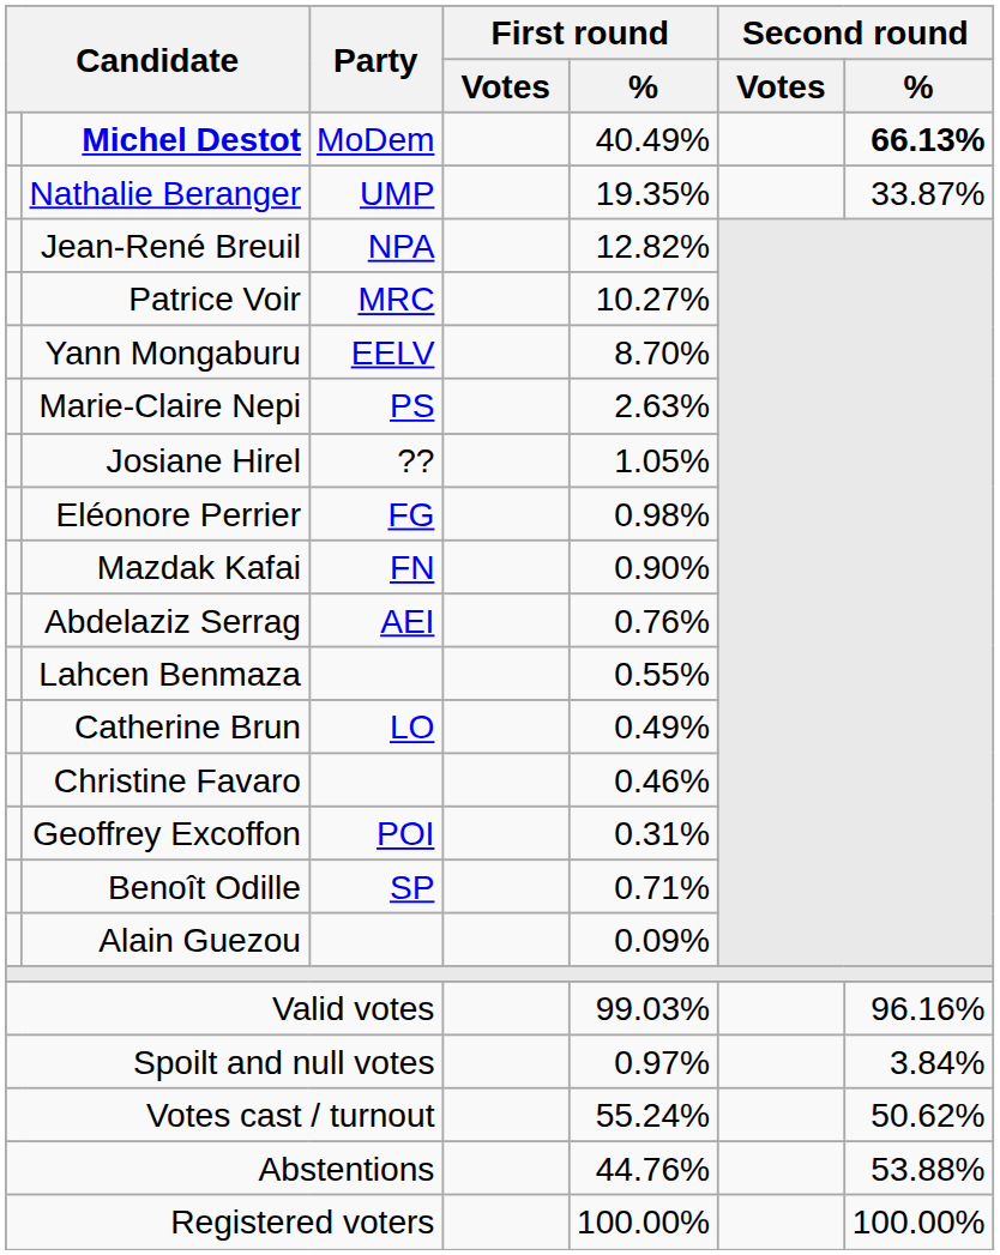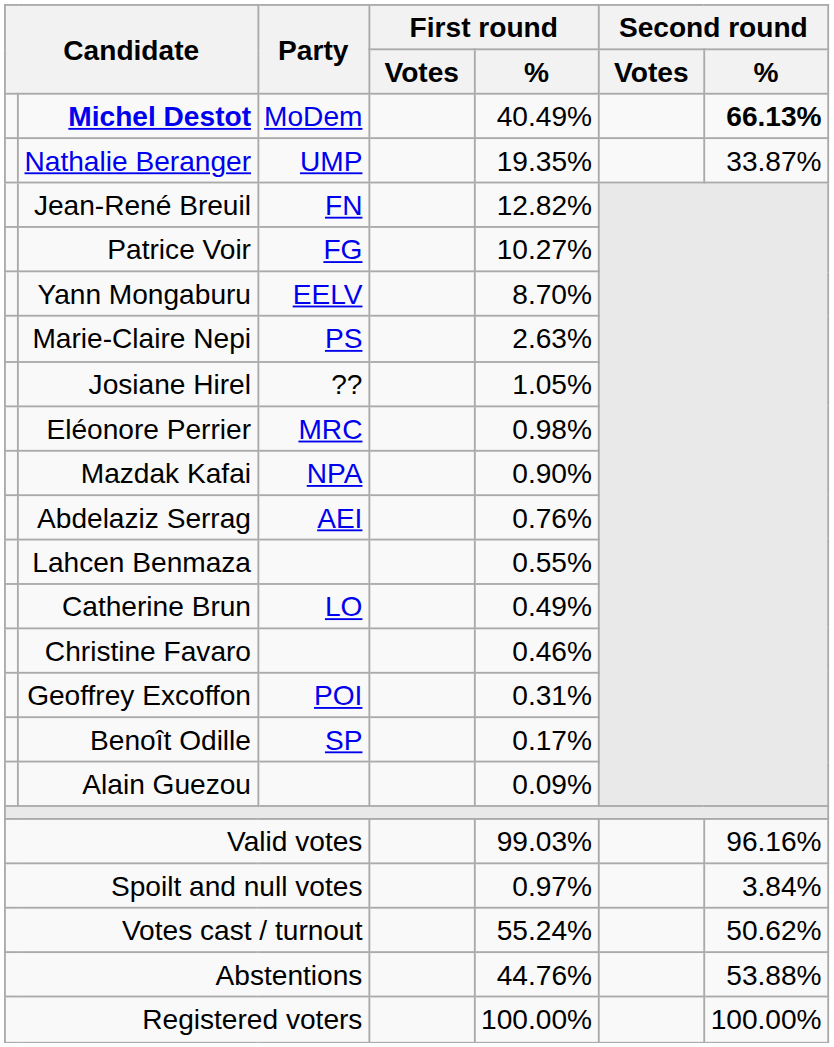 <table class="wikitable" style="text-align:right;font-size:95%;">
 <tr>
 <th rowspan=2 colspan=2>Candidate</th>
 <th rowspan=2 colspan=1>Party</th>
 <th colspan=2>First round</th>
 <th colspan=2>Second round</th>
 </tr>
 <tr>
 <th style="width:50px;">Votes</th>
 <th style="width:55px;">%</th>
 <th style="width:50px;">Votes</th>
 <th style="width:55px;">%</th>
 </tr>
 <tr>
 <td style="color:inherit;background-color:"></td>
 <td><strong><a href='#'>Michel Destot</a></strong></td>
 <td><a href='#'>MoDem</a></td>
 <td></td>
 <td>40.49%</td>
 <td><strong></strong></td>
 <td><strong>66.13%</strong></td>
 </tr>
 <tr>
 <td style="color:inherit;background-color:"></td>
 <td><a href='#'>Nathalie Beranger</a></td>
 <td><a href='#'>UMP</a></td>
 <td></td>
 <td>19.35%</td>
 <td></td>
 <td>33.87%</td>
 </tr>
 <tr>
 <td style="color:inherit;background-color:"></td>
 <td>Jean-René Breuil</td>
-<td><a href='#'>NPA</a></td>
+<td><a href='#'>FN</a></td>
 <td></td>
 <td>12.82%</td>
 <td colspan=7 rowspan=14 style="background-color:#E9E9E9;"></td>
 </tr>
 <tr>
 <td style="color:inherit;background-color:"></td>
 <td>Patrice Voir</td>
-<td><a href='#'>MRC</a></td>
+<td><a href='#'>FG</a></td>
 <td></td>
 <td>10.27%</td>
 </tr>
 <tr>
 <td style="color:inherit;background-color:"></td>
 <td>Yann Mongaburu</td>
 <td><a href='#'>EELV</a></td>
 <td></td>
 <td>8.70%</td>
 </tr>
 <tr>
 <td style="color:inherit;background-color:"></td>
 <td>Marie-Claire Nepi</td>
 <td><a href='#'>PS</a></td>
 <td></td>
 <td>2.63%</td>
 </tr>
 <tr>
 <td style="background-color:;"></td>
 <td>Josiane Hirel</td>
 <td>??</td>
 <td></td>
 <td>1.05%</td>
 </tr>
 <tr>
 <td style="color:inherit;background-color:"></td>
 <td>Eléonore Perrier</td>
-<td><a href='#'>FG</a></td>
+<td><a href='#'>MRC</a></td>
 <td></td>
 <td>0.98%</td>
 </tr>
 <tr>
 <td style="color:inherit;background-color:"></td>
 <td>Mazdak Kafai</td>
-<td><a href='#'>FN</a></td>
+<td><a href='#'>NPA</a></td>
 <td></td>
 <td>0.90%</td>
 </tr>
 <tr>
 <td style="color:inherit;background-color:"></td>
 <td>Abdelaziz Serrag</td>
 <td><a href='#'>AEI</a></td>
 <td></td>
 <td>0.76%</td>
 </tr>
 <tr>
 <td style="background-color:;"></td>
 <td>Lahcen Benmaza</td>
 <td></td>
 <td></td>
 <td>0.55%</td>
 </tr>
 <tr>
 <td style="color:inherit;background-color:"></td>
 <td>Catherine Brun</td>
 <td><a href='#'>LO</a></td>
 <td></td>
 <td>0.49%</td>
 </tr>
 <tr>
 <td style="color:inherit;background-color:"></td>
 <td>Christine Favaro</td>
 <td></td>
 <td></td>
 <td>0.46%</td>
 </tr>
 <tr>
 <td style="color:inherit;background-color:"></td>
 <td>Geoffrey Excoffon</td>
 <td><a href='#'>POI</a></td>
 <td></td>
 <td>0.31%</td>
 </tr>
 <tr>
 <td style="color:inherit;background-color:"></td>
 <td>Benoît Odille</td>
 <td><a href='#'>SP</a></td>
 <td></td>
-<td>0.71%</td>
+<td>0.17%</td>
 </tr>
 <tr>
 <td style="background-color:;"></td>
 <td>Alain Guezou</td>
 <td></td>
 <td></td>
 <td>0.09%</td>
 </tr>
 <tr>
 <td colspan=7 style="background-color:#E9E9E9;"></td>
 </tr>
 <tr>
 <td colspan=3>Valid votes</td>
 <td></td>
 <td>99.03%</td>
 <td></td>
 <td>96.16%</td>
 </tr>
 <tr>
 <td colspan=3>Spoilt and null votes</td>
 <td></td>
 <td>0.97%</td>
 <td></td>
 <td>3.84%</td>
 </tr>
 <tr>
 <td colspan=3>Votes cast / turnout</td>
 <td></td>
 <td>55.24%</td>
 <td></td>
 <td>50.62%</td>
 </tr>
 <tr>
 <td colspan=3>Abstentions</td>
 <td></td>
 <td>44.76%</td>
 <td></td>
 <td>53.88%</td>
 </tr>
 <tr>
 <td colspan=3>Registered voters</td>
 <td></td>
 <td>100.00%</td>
 <td></td>
 <td>100.00%</td>
 </tr>
 </table>
